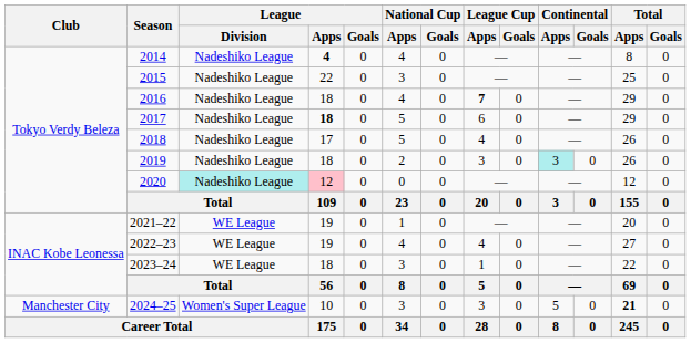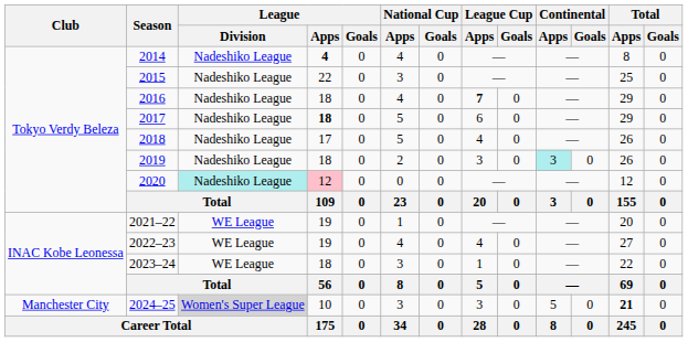 <table class="wikitable" style="text-align:center">
 <tr>
 <th rowspan="2">Club</th>
 <th rowspan="2">Season</th>
 <th colspan="3">League</th>
 <th colspan="2">National Cup</th>
 <th colspan="2">League Cup</th>
 <th colspan="2">Continental</th>
 <th colspan="2">Total</th>
 </tr>
 <tr>
 <th>Division</th>
 <th>Apps</th>
 <th>Goals</th>
 <th>Apps</th>
 <th>Goals</th>
 <th>Apps</th>
 <th>Goals</th>
 <th>Apps</th>
 <th>Goals</th>
 <th>Apps</th>
 <th>Goals</th>
 </tr>
 <tr>
 <td rowspan="8"><a href='#'>Tokyo Verdy Beleza</a></td>
 <td><a href='#'>2014</a></td>
 <td><a href='#'>Nadeshiko League</a></td>
 <td><strong>4</strong></td>
 <td>0</td>
 <td>4</td>
 <td>0</td>
 <td colspan="2">—</td>
 <td colspan="2">—</td>
 <td>8</td>
 <td>0</td>
 </tr>
 <tr>
 <td><a href='#'>2015</a></td>
 <td>Nadeshiko League</td>
 <td>22</td>
 <td>0</td>
 <td>3</td>
 <td>0</td>
 <td colspan="2">—</td>
 <td colspan="2">—</td>
 <td>25</td>
 <td>0</td>
 </tr>
 <tr>
 <td><a href='#'>2016</a></td>
 <td>Nadeshiko League</td>
 <td>18</td>
 <td>0</td>
 <td>4</td>
 <td>0</td>
 <td><strong>7</strong></td>
 <td>0</td>
 <td colspan="2">—</td>
 <td>29</td>
 <td>0</td>
 </tr>
 <tr>
 <td><a href='#'>2017</a></td>
 <td>Nadeshiko League</td>
 <td><strong>18</strong></td>
 <td>0</td>
 <td>5</td>
 <td>0</td>
 <td>6</td>
 <td>0</td>
 <td colspan="2">—</td>
 <td>29</td>
 <td>0</td>
 </tr>
 <tr>
 <td><a href='#'>2018</a></td>
 <td>Nadeshiko League</td>
 <td>17</td>
 <td>0</td>
 <td>5</td>
 <td>0</td>
 <td>4</td>
 <td>0</td>
 <td colspan="2">—</td>
 <td>26</td>
 <td>0</td>
 </tr>
 <tr>
 <td><a href='#'>2019</a></td>
 <td>Nadeshiko League</td>
 <td>18</td>
 <td>0</td>
 <td>2</td>
 <td>0</td>
 <td>3</td>
 <td>0</td>
 <td style="background: paleturquoise;">3</td>
 <td>0</td>
 <td>26</td>
 <td>0</td>
 </tr>
 <tr>
 <td><a href='#'>2020</a></td>
 <td style="background: paleturquoise;">Nadeshiko League</td>
 <td style="background: pink;">12</td>
 <td>0</td>
 <td>0</td>
 <td>0</td>
 <td colspan="2">—</td>
 <td colspan="2">—</td>
 <td>12</td>
 <td>0</td>
 </tr>
 <tr>
 <th colspan="2">Total</th>
 <th>109</th>
 <th>0</th>
 <th>23</th>
 <th>0</th>
 <th>20</th>
 <th>0</th>
 <th>3</th>
 <th>0</th>
 <th>155</th>
 <th>0</th>
 </tr>
 <tr>
 <td rowspan="4"><a href='#'>INAC Kobe Leonessa</a></td>
 <td>2021–22</td>
 <td><a href='#'>WE League</a></td>
 <td>19</td>
 <td>0</td>
 <td>1</td>
 <td>0</td>
 <td colspan="2">—</td>
 <td colspan="2">—</td>
 <td>20</td>
 <td>0</td>
 </tr>
 <tr>
 <td>2022–23</td>
 <td>WE League</td>
 <td>19</td>
 <td>0</td>
 <td>4</td>
 <td>0</td>
 <td>4</td>
 <td>0</td>
 <td colspan="2">—</td>
 <td>27</td>
 <td>0</td>
 </tr>
 <tr>
 <td>2023–24</td>
 <td>WE League</td>
 <td>18</td>
 <td>0</td>
 <td>3</td>
 <td>0</td>
 <td>1</td>
 <td>0</td>
 <td colspan="2">—</td>
 <td>22</td>
 <td>0</td>
 </tr>
 <tr>
 <th colspan="2">Total</th>
 <th>56</th>
 <th>0</th>
 <th>8</th>
 <th>0</th>
 <th>5</th>
 <th>0</th>
 <th colspan="2">—</th>
 <th>69</th>
 <th>0</th>
 </tr>
 <tr>
 <td><a href='#'>Manchester City</a></td>
 <td><a href='#'>2024–25</a></td>
-<td><a href='#'>Women's Super League</a></td>
+<td style="background: lightgrey;"><a href='#'>Women's Super League</a></td>
 <td>10</td>
 <td>0</td>
 <td>3</td>
 <td>0</td>
 <td>3</td>
 <td>0</td>
 <td>5</td>
 <td>0</td>
 <td><strong>21</strong></td>
 <td>0</td>
 </tr>
 <tr>
 <th colspan="3">Career Total</th>
 <th>175</th>
 <th>0</th>
 <th>34</th>
 <th>0</th>
 <th>28</th>
 <th>0</th>
 <th>8</th>
 <th>0</th>
 <th>245</th>
 <th>0</th>
 </tr>
 </table>
